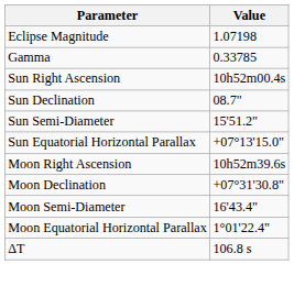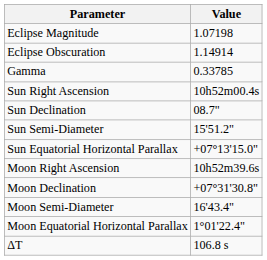 <table class="wikitable">
 <tr>
 <th>Parameter</th>
 <th>Value</th>
 </tr>
 <tr>
 <td>Eclipse Magnitude</td>
 <td>1.07198</td>
+</tr>
+<tr>
+<td>Eclipse Obscuration</td>
+<td>1.14914</td>
 </tr>
 <tr>
 <td>Gamma</td>
 <td>0.33785</td>
 </tr>
 <tr>
 <td>Sun Right Ascension</td>
 <td>10h52m00.4s</td>
 </tr>
 <tr>
 <td>Sun Declination</td>
 <td>08.7"</td>
 </tr>
 <tr>
 <td>Sun Semi-Diameter</td>
 <td>15'51.2"</td>
 </tr>
 <tr>
 <td>Sun Equatorial Horizontal Parallax</td>
 <td>+07°13'15.0"</td>
 </tr>
 <tr>
 <td>Moon Right Ascension</td>
 <td>10h52m39.6s</td>
 </tr>
 <tr>
 <td>Moon Declination</td>
 <td>+07°31'30.8"</td>
 </tr>
 <tr>
 <td>Moon Semi-Diameter</td>
 <td>16'43.4"</td>
 </tr>
 <tr>
 <td>Moon Equatorial Horizontal Parallax</td>
 <td>1°01'22.4"</td>
 </tr>
 <tr>
 <td>ΔT</td>
 <td>106.8 s</td>
 </tr>
 </table>
